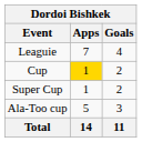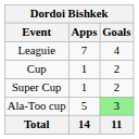 <table class="wikitable" style="text-align:center">
 <tr>
 <th colspan=3>Dordoi Bishkek</th>
 </tr>
 <tr>
 <th>Event</th>
 <th>Apps</th>
 <th>Goals</th>
 </tr>
 <tr>
 <td>Leaguie</td>
 <td>7</td>
 <td>4</td>
 </tr>
 <tr>
 <td>Cup</td>
-<td style="background: gold;">1</td>
+<td>1</td>
 <td>2</td>
 </tr>
 <tr>
 <td>Super Cup</td>
 <td>1</td>
 <td>2</td>
 </tr>
 <tr>
 <td>Ala-Too cup</td>
 <td>5</td>
-<td>3</td>
+<td style="background: lightgreen;">3</td>
 </tr>
 <tr>
 <th>Total</th>
 <th>14</th>
 <th>11</th>
 </tr>
 </table>
